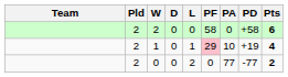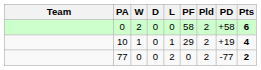 <table class="wikitable" style="text-align:center;">
 <tr>
 <th width=175>Team</th>
-<th width=20 abbr="Played">Pld</th>
+<th width=20 abbr="Points against">PA</th>
 <th width=20 abbr="Won">W</th>
 <th width=20 abbr="Drawn">D</th>
 <th width=20 abbr="Lost">L</th>
 <th width=20 abbr="Points for">PF</th>
-<th width=20 abbr="Points against">PA</th>
+<th width=20 abbr="Played">Pld</th>
 <th width=25 abbr="Points difference">PD</th>
 <th width=20 abbr="Points">Pts</th>
 </tr>
 <tr style="background:#ccffcc">
 <td align=left></td>
-<td>2</td>
+<td>0</td>
 <td>2</td>
 <td>0</td>
 <td>0</td>
 <td>58</td>
-<td>0</td>
+<td>2</td>
 <td>+58</td>
 <td><strong>6</strong></td>
 </tr>
 <tr>
 <td align=left></td>
-<td>2</td>
+<td>10</td>
 <td>1</td>
 <td>0</td>
 <td>1</td>
-<td style="background: pink;">29</td>
-<td>10</td>
+<td>29</td>
+<td>2</td>
 <td>+19</td>
 <td><strong>4</strong></td>
 </tr>
 <tr>
 <td align=left></td>
-<td>2</td>
+<td>77</td>
 <td>0</td>
 <td>0</td>
 <td>2</td>
 <td>0</td>
-<td>77</td>
+<td>2</td>
 <td>-77</td>
 <td><strong>2</strong></td>
 </tr>
 </table>
